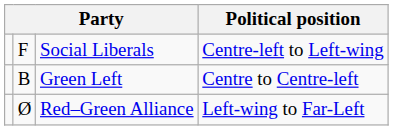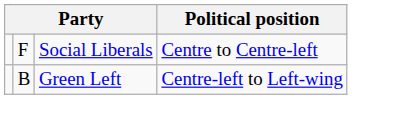 <table class="wikitable">
 <tr>
 <th colspan="3">Party</th>
 <th>Political position</th>
 </tr>
 <tr>
 <td></td>
 <td>F</td>
 <td><a href='#'>Social Liberals</a></td>
-<td><a href='#'>Centre-left</a> to <a href='#'>Left-wing</a></td>
+<td><a href='#'>Centre</a> to <a href='#'>Centre-left</a></td>
 </tr>
 <tr>
 <td></td>
 <td>B</td>
 <td><a href='#'>Green Left</a></td>
-<td><a href='#'>Centre</a> to <a href='#'>Centre-left</a></td>
-</tr>
-<tr>
-<td></td>
-<td>Ø</td>
-<td><a href='#'>Red–Green Alliance</a></td>
-<td><a href='#'>Left-wing</a> to  <a href='#'>Far-Left</a></td>
+<td><a href='#'>Centre-left</a> to <a href='#'>Left-wing</a></td>
 </tr>
 </table>
